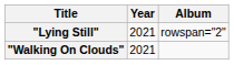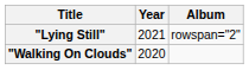 <table class="wikitable plainrowheaders" style="text-align:center">
 <tr>
 <th scope="col">Title</th>
 <th scope="col">Year</th>
 <th scope="col">Album</th>
 </tr>
 <tr>
 <th scope="row">"Lying Still"<br></th>
 <td>2021</td>
 <td>rowspan="2" </td>
 </tr>
 <tr>
 <th scope="row">"Walking On Clouds"<br></th>
-<td>2021</td>
+<td>2020</td>
 </tr>
 </table>
